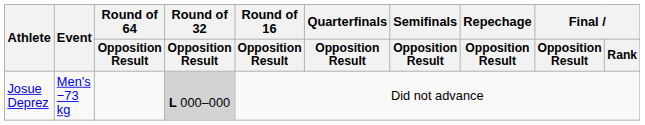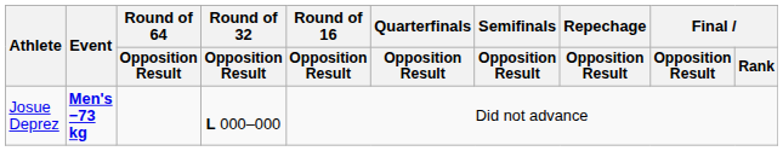 <table class="wikitable" style="font-size:90%">
 <tr>
 <th rowspan="2">Athlete</th>
 <th rowspan="2">Event</th>
 <th>Round of 64</th>
 <th>Round of 32</th>
 <th>Round of 16</th>
 <th>Quarterfinals</th>
 <th>Semifinals</th>
 <th>Repechage</th>
 <th colspan=2>Final / </th>
 </tr>
 <tr style="font-size:95%">
 <th>Opposition<br>Result</th>
 <th>Opposition<br>Result</th>
 <th>Opposition<br>Result</th>
 <th>Opposition<br>Result</th>
 <th>Opposition<br>Result</th>
 <th>Opposition<br>Result</th>
 <th>Opposition<br>Result</th>
 <th>Rank</th>
 </tr>
 <tr align=center>
 <td align=left><a href='#'>Josue Deprez</a></td>
-<td align=left><a href='#'>Men's −73 kg</a></td>
+<td align=left><strong><a href='#'>Men's −73 kg</a></strong></td>
 <td></td>
-<td style="background: lightgrey;"><br><strong>L</strong> 000–000 </td>
+<td><br><strong>L</strong> 000–000 </td>
 <td colspan=6>Did not advance</td>
 </tr>
 </table>
